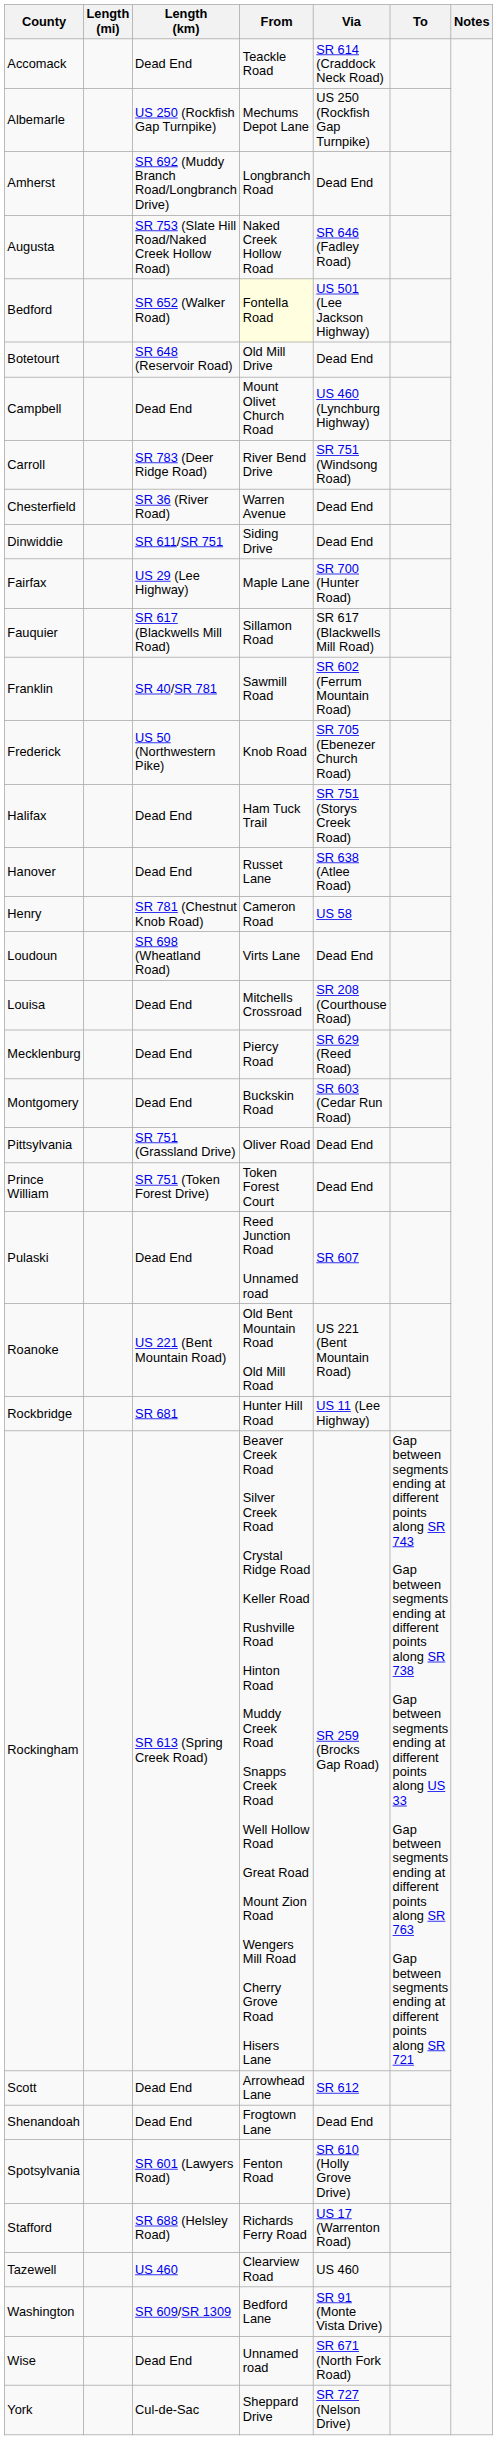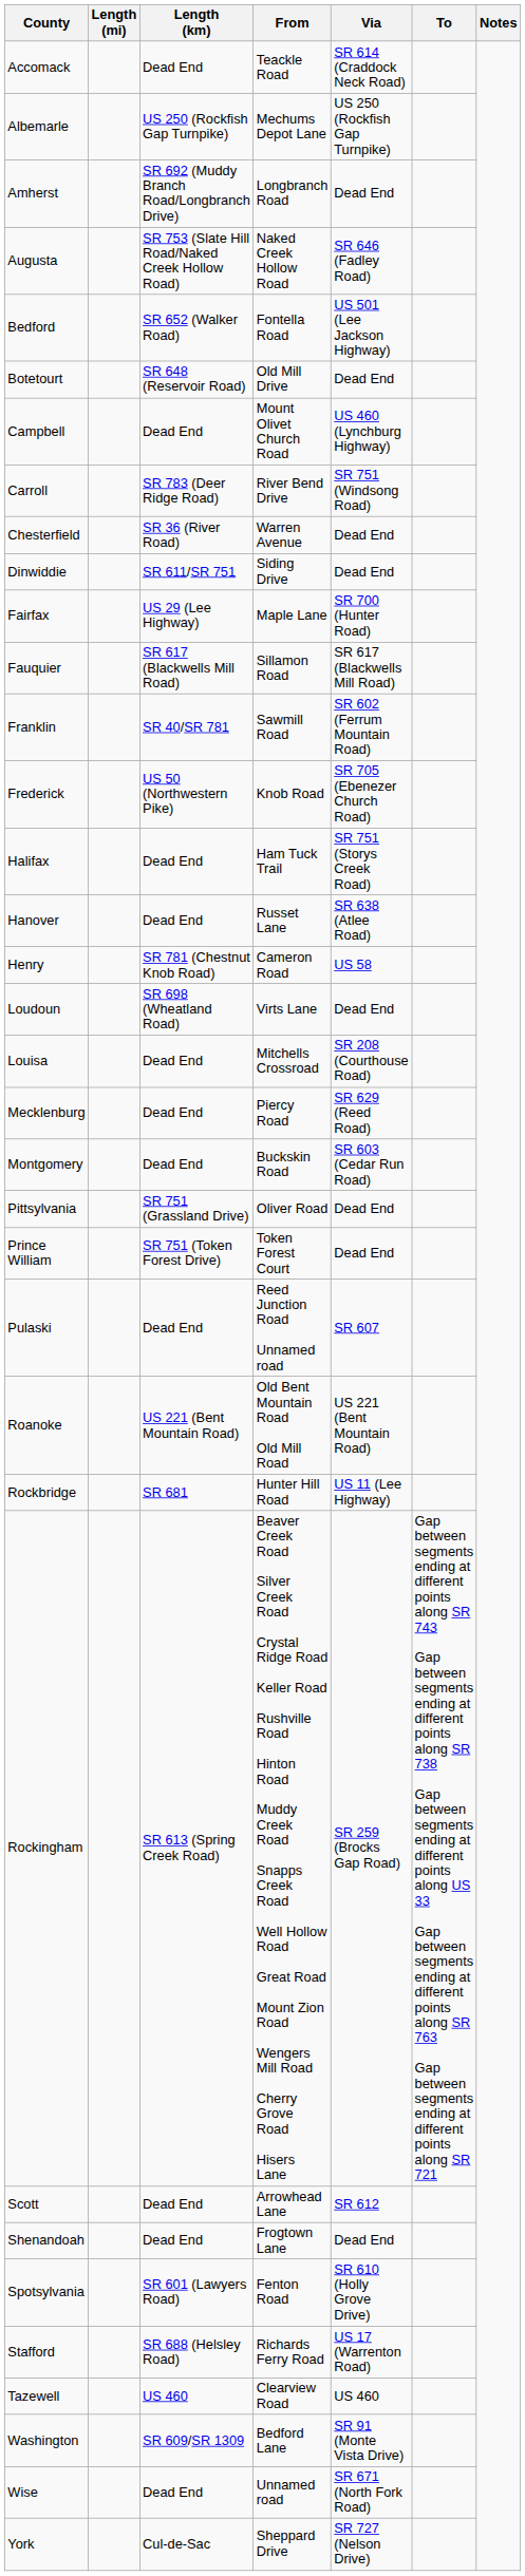 <table class="wikitable sortable">
 <tr>
 <th>County</th>
 <th>Length<br>(mi)</th>
 <th>Length<br>(km)</th>
 <th class="unsortable">From</th>
 <th class="unsortable">Via</th>
 <th class="unsortable">To</th>
 <th class="unsortable">Notes</th>
 </tr>
 <tr>
 <td id="Accomack">Accomack</td>
 <td></td>
 <td>Dead End</td>
 <td>Teackle Road</td>
 <td><a href='#'>SR 614</a> (Craddock Neck Road)</td>
 <td></td>
 </tr>
 <tr>
 <td id="Albemarle">Albemarle</td>
 <td></td>
 <td><a href='#'>US 250</a> (Rockfish Gap Turnpike)</td>
 <td>Mechums Depot Lane</td>
 <td>US 250 (Rockfish Gap Turnpike)</td>
 <td><br> </td>
 </tr>
 <tr>
 <td id="Amherst">Amherst</td>
 <td></td>
 <td><a href='#'>SR 692</a> (Muddy Branch Road/Longbranch Drive)</td>
 <td>Longbranch Road</td>
 <td>Dead End</td>
 <td><br> </td>
 </tr>
 <tr>
 <td id="Augusta">Augusta</td>
 <td></td>
 <td><a href='#'>SR 753</a> (Slate Hill Road/Naked Creek Hollow Road)</td>
 <td>Naked Creek Hollow Road</td>
 <td><a href='#'>SR 646</a> (Fadley Road)</td>
 <td><br></td>
 </tr>
 <tr>
 <td id="Bedford">Bedford</td>
 <td></td>
 <td><a href='#'>SR 652</a> (Walker Road)</td>
-<td style="background: lightyellow;">Fontella Road</td>
+<td>Fontella Road</td>
 <td><a href='#'>US 501</a> (Lee Jackson Highway)</td>
 <td><br></td>
 </tr>
 <tr>
 <td id="Botetourt">Botetourt</td>
 <td></td>
 <td><a href='#'>SR 648</a> (Reservoir Road)</td>
 <td>Old Mill Drive</td>
 <td>Dead End</td>
 <td><br>  </td>
 </tr>
 <tr>
 <td id="Campbell">Campbell</td>
 <td></td>
 <td>Dead End</td>
 <td>Mount Olivet Church Road</td>
 <td><a href='#'>US 460</a> (Lynchburg Highway)</td>
 <td><br></td>
 </tr>
 <tr>
 <td id="Carroll">Carroll</td>
 <td></td>
 <td><a href='#'>SR 783</a> (Deer Ridge Road)</td>
 <td>River Bend Drive</td>
 <td><a href='#'>SR 751</a> (Windsong Road)</td>
 <td><br> </td>
 </tr>
 <tr>
 <td id="Chesterfield">Chesterfield</td>
 <td></td>
 <td><a href='#'>SR 36</a> (River Road)</td>
 <td>Warren Avenue</td>
 <td>Dead End</td>
 <td><br>    </td>
 </tr>
 <tr>
 <td id="Dinwiddie">Dinwiddie</td>
 <td></td>
 <td><a href='#'>SR 611</a>/<a href='#'>SR 751</a></td>
 <td>Siding Drive</td>
 <td>Dead End</td>
 <td><br></td>
 </tr>
 <tr>
 <td id="Fairfax">Fairfax</td>
 <td></td>
 <td><a href='#'>US 29</a> (Lee Highway)</td>
 <td>Maple Lane</td>
 <td><a href='#'>SR 700</a> (Hunter Road)</td>
 <td></td>
 </tr>
 <tr>
 <td id="Fauquier">Fauquier</td>
 <td></td>
 <td><a href='#'>SR 617</a> (Blackwells Mill Road)</td>
 <td>Sillamon Road</td>
 <td>SR 617 (Blackwells Mill Road)</td>
 <td><br> </td>
 </tr>
 <tr>
 <td id="Franklin">Franklin</td>
 <td></td>
 <td><a href='#'>SR 40</a>/<a href='#'>SR 781</a></td>
 <td>Sawmill Road</td>
 <td><a href='#'>SR 602</a> (Ferrum Mountain Road)</td>
 <td></td>
 </tr>
 <tr>
 <td id="Frederick">Frederick</td>
 <td></td>
 <td><a href='#'>US 50</a> (Northwestern Pike)</td>
 <td>Knob Road</td>
 <td><a href='#'>SR 705</a> (Ebenezer Church Road)</td>
 <td><br>     </td>
 </tr>
 <tr>
 <td id="Halifax">Halifax</td>
 <td></td>
 <td>Dead End</td>
 <td>Ham Tuck Trail</td>
 <td><a href='#'>SR 751</a> (Storys Creek Road)</td>
 <td></td>
 </tr>
 <tr>
 <td id="Hanover">Hanover</td>
 <td></td>
 <td>Dead End</td>
 <td>Russet Lane</td>
 <td><a href='#'>SR 638</a> (Atlee Road)</td>
 <td><br></td>
 </tr>
 <tr>
 <td id="Henry">Henry</td>
 <td></td>
 <td><a href='#'>SR 781</a> (Chestnut Knob Road)</td>
 <td>Cameron Road</td>
 <td><a href='#'>US 58</a></td>
 <td><br>       </td>
 </tr>
 <tr>
 <td id="Loudoun">Loudoun</td>
 <td></td>
 <td><a href='#'>SR 698</a> (Wheatland Road)</td>
 <td>Virts Lane</td>
 <td>Dead End</td>
 <td></td>
 </tr>
 <tr>
 <td id="Louisa">Louisa</td>
 <td></td>
 <td>Dead End</td>
 <td>Mitchells Crossroad</td>
 <td><a href='#'>SR 208</a> (Courthouse Road)</td>
 <td><br>  </td>
 </tr>
 <tr>
 <td id="Mecklenburg">Mecklenburg</td>
 <td></td>
 <td>Dead End</td>
 <td>Piercy Road</td>
 <td><a href='#'>SR 629</a> (Reed Road)</td>
 <td><br></td>
 </tr>
 <tr>
 <td id="Montgomery">Montgomery</td>
 <td></td>
 <td>Dead End</td>
 <td>Buckskin Road</td>
 <td><a href='#'>SR 603</a> (Cedar Run Road)</td>
 <td><br>       </td>
 </tr>
 <tr>
 <td id="Pittsylvania">Pittsylvania</td>
 <td></td>
 <td><a href='#'>SR 751</a> (Grassland Drive)</td>
 <td>Oliver Road</td>
 <td>Dead End</td>
 <td><br>  </td>
 </tr>
 <tr>
 <td id="Prince William">Prince William</td>
 <td></td>
 <td><a href='#'>SR 751</a> (Token Forest Drive)</td>
 <td>Token Forest Court</td>
 <td>Dead End</td>
 <td></td>
 </tr>
 <tr>
 <td id="Pulaski">Pulaski</td>
 <td></td>
 <td>Dead End</td>
 <td>Reed Junction Road<br><br>Unnamed road</td>
 <td><a href='#'>SR 607</a></td>
 <td><br> </td>
 </tr>
 <tr>
 <td id="Roanoke">Roanoke</td>
 <td></td>
 <td><a href='#'>US 221</a> (Bent Mountain Road)</td>
 <td>Old Bent Mountain Road<br><br>Old Mill Road</td>
 <td>US 221 (Bent Mountain Road)</td>
 <td></td>
 </tr>
 <tr>
 <td id="Rockbridge">Rockbridge</td>
 <td></td>
 <td><a href='#'>SR 681</a></td>
 <td>Hunter Hill Road</td>
 <td><a href='#'>US 11</a> (Lee Highway)</td>
 <td></td>
 </tr>
 <tr>
 <td id="Rockingham">Rockingham</td>
 <td></td>
 <td><a href='#'>SR 613</a> (Spring Creek Road)</td>
 <td>Beaver Creek Road<br><br>Silver Creek Road<br><br>Crystal Ridge Road<br><br>Keller Road<br><br>Rushville Road<br><br>Hinton Road<br><br>Muddy Creek Road<br><br>Snapps Creek Road<br><br>Well Hollow Road<br><br>Great Road<br><br>Mount Zion Road<br><br>Wengers Mill Road<br><br>Cherry Grove Road<br><br>Hisers Lane</td>
 <td><a href='#'>SR 259</a> (Brocks Gap Road)</td>
 <td>Gap between segments ending at different points along <a href='#'>SR 743</a><br><br>Gap between segments ending at different points along <a href='#'>SR 738</a><br><br>Gap between segments ending at different points along <a href='#'>US 33</a><br><br>Gap between segments ending at different points along <a href='#'>SR 763</a><br><br>Gap between segments ending at different points along <a href='#'>SR 721</a><br></td>
 </tr>
 <tr>
 <td id="Scott">Scott</td>
 <td></td>
 <td>Dead End</td>
 <td>Arrowhead Lane</td>
 <td><a href='#'>SR 612</a></td>
 <td></td>
 </tr>
 <tr>
 <td id="Shenandoah">Shenandoah</td>
 <td></td>
 <td>Dead End</td>
 <td>Frogtown Lane</td>
 <td>Dead End</td>
 <td><br> </td>
 </tr>
 <tr>
 <td id="Spotsylvania">Spotsylvania</td>
 <td></td>
 <td><a href='#'>SR 601</a> (Lawyers Road)</td>
 <td>Fenton Road</td>
 <td><a href='#'>SR 610</a> (Holly Grove Drive)</td>
 <td></td>
 </tr>
 <tr>
 <td id="Stafford">Stafford</td>
 <td></td>
 <td><a href='#'>SR 688</a> (Helsley Road)</td>
 <td>Richards Ferry Road</td>
 <td><a href='#'>US 17</a> (Warrenton Road)</td>
 <td><br> </td>
 </tr>
 <tr>
 <td id="Tazewell">Tazewell</td>
 <td></td>
 <td><a href='#'>US 460</a></td>
 <td>Clearview Road</td>
 <td>US 460</td>
 <td><br></td>
 </tr>
 <tr>
 <td id="Washington">Washington</td>
 <td></td>
 <td><a href='#'>SR 609</a>/<a href='#'>SR 1309</a></td>
 <td>Bedford Lane</td>
 <td><a href='#'>SR 91</a> (Monte Vista Drive)</td>
 <td><br></td>
 </tr>
 <tr>
 <td id="Wise">Wise</td>
 <td></td>
 <td>Dead End</td>
 <td>Unnamed road</td>
 <td><a href='#'>SR 671</a> (North Fork Road)</td>
 <td><br></td>
 </tr>
 <tr>
 <td id="York">York</td>
 <td></td>
 <td>Cul-de-Sac</td>
 <td>Sheppard Drive</td>
 <td><a href='#'>SR 727</a> (Nelson Drive)</td>
 <td></td>
 </tr>
 </table>
